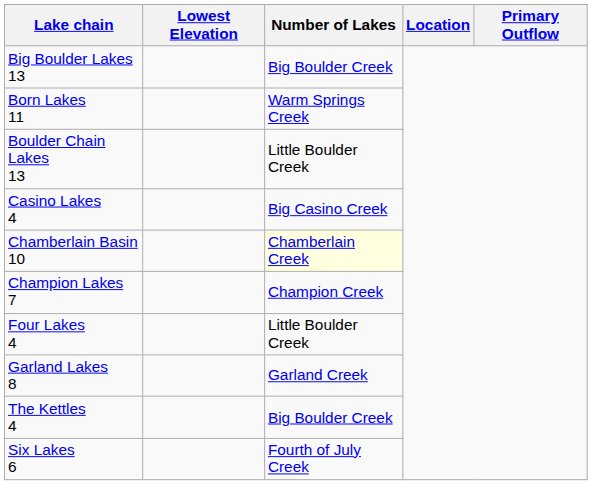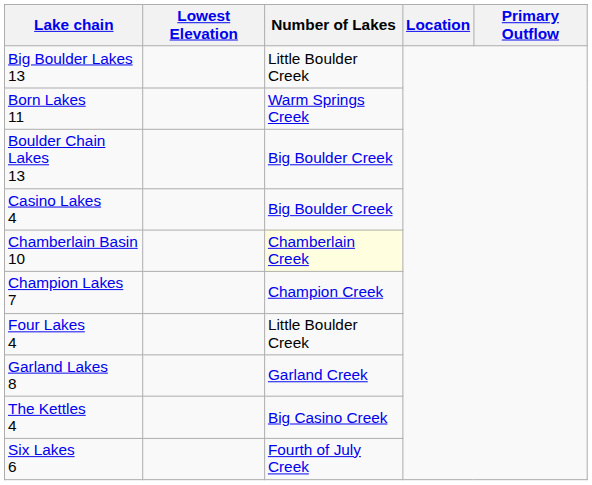 <table class="wikitable sortable">
 <tr>
 <th><a href='#'>Lake chain</a></th>
 <th><a href='#'>Lowest Elevation</a></th>
 <th>Number of Lakes</th>
 <th><a href='#'>Location</a></th>
 <th><a href='#'>Primary Outflow</a></th>
 </tr>
 <tr>
 <td><a href='#'>Big Boulder Lakes</a><br> 13</td>
 <td></td>
-<td><a href='#'>Big Boulder Creek</a></td>
+<td>Little Boulder Creek</td>
 </tr>
 <tr>
 <td><a href='#'>Born Lakes</a><br> 11</td>
 <td></td>
 <td><a href='#'>Warm Springs Creek</a></td>
 </tr>
 <tr>
 <td><a href='#'>Boulder Chain Lakes</a><br> 13</td>
 <td></td>
-<td>Little Boulder Creek</td>
+<td><a href='#'>Big Boulder Creek</a></td>
 </tr>
 <tr>
 <td><a href='#'>Casino Lakes</a><br> 4</td>
 <td></td>
-<td><a href='#'>Big Casino Creek</a></td>
+<td><a href='#'>Big Boulder Creek</a></td>
 </tr>
 <tr>
 <td><a href='#'>Chamberlain Basin</a><br> 10</td>
 <td></td>
 <td style="background: lightyellow;"><a href='#'>Chamberlain Creek</a></td>
 </tr>
 <tr>
 <td><a href='#'>Champion Lakes</a><br> 7</td>
 <td></td>
 <td><a href='#'>Champion Creek</a></td>
 </tr>
 <tr>
 <td><a href='#'>Four Lakes</a><br> 4</td>
 <td></td>
 <td>Little Boulder Creek</td>
 </tr>
 <tr>
 <td><a href='#'>Garland Lakes</a><br> 8</td>
 <td></td>
 <td><a href='#'>Garland Creek</a></td>
 </tr>
 <tr>
 <td><a href='#'>The Kettles</a><br> 4</td>
 <td></td>
-<td><a href='#'>Big Boulder Creek</a></td>
+<td><a href='#'>Big Casino Creek</a></td>
 </tr>
 <tr>
 <td><a href='#'>Six Lakes</a><br> 6</td>
 <td></td>
 <td><a href='#'>Fourth of July Creek</a></td>
 </tr>
 </table>
